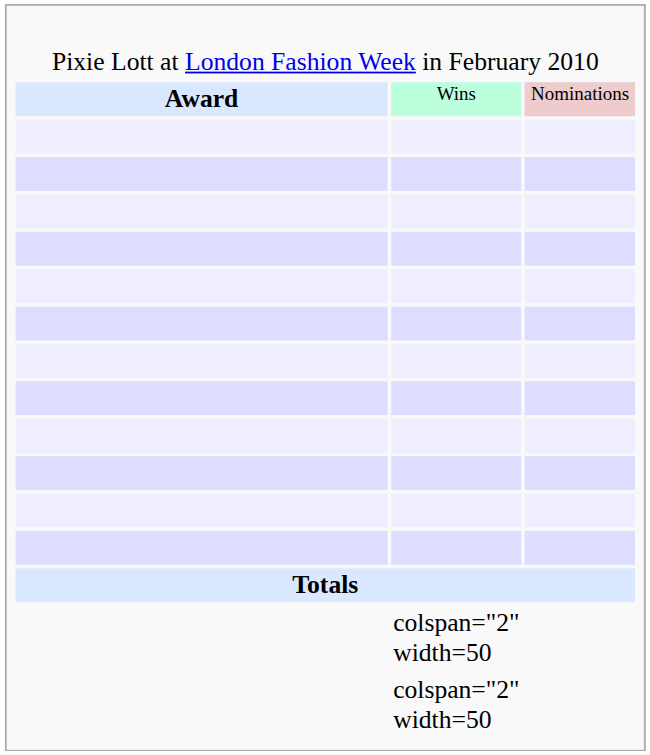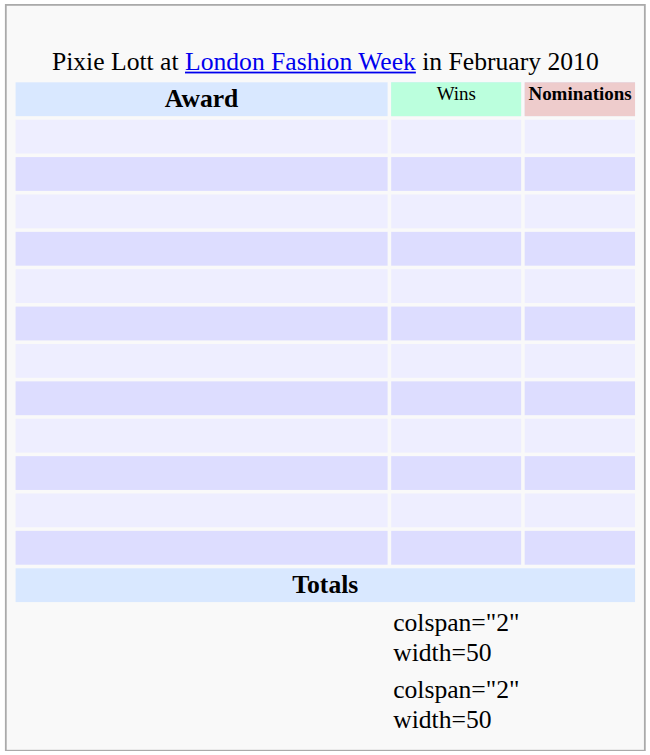 <table class="infobox" style="width: 25em; text-align: left; font-size: 90%; vertical-align: middle;">
 <tr>
 <td colspan="3" style="text-align:center;"><br>Pixie Lott at <a href='#'>London Fashion Week</a> in February 2010</td>
 </tr>
 <tr bgcolor=#D9E8FF style="text-align:center;">
 <th style="vertical-align: middle;">Award</th>
 <td style="background:#BFD; font-size:8pt;" width="60px">Wins</td>
-<td style="background:#eecccc; font-size:8pt;" width="60px">Nominations</td>
+<td style="background:#eecccc; font-size:8pt;" width="60px"><strong>Nominations</strong></td>
 </tr>
 <tr bgcolor=#eeeeff>
 <td align="center"><br></td>
 <td></td>
 <td></td>
 </tr>
 <tr bgcolor=#ddddff>
 <td align="center"><br></td>
 <td></td>
 <td></td>
 </tr>
 <tr bgcolor=#eeeeff>
 <td align="center"><br></td>
 <td></td>
 <td></td>
 </tr>
 <tr bgcolor=#ddddff>
 <td align="center"><br></td>
 <td></td>
 <td></td>
 </tr>
 <tr bgcolor=#eeeeff>
 <td align="center"><br></td>
 <td></td>
 <td></td>
 </tr>
 <tr bgcolor=#ddddff>
 <td align="center"><br></td>
 <td></td>
 <td></td>
 </tr>
 <tr bgcolor=#eeeeff>
 <td align="center"><br></td>
 <td></td>
 <td></td>
 </tr>
 <tr bgcolor=#ddddff>
 <td align="center"><br></td>
 <td></td>
 <td></td>
 </tr>
 <tr bgcolor=#eeeeff>
 <td align="center"><br></td>
 <td></td>
 <td></td>
 </tr>
 <tr bgcolor=#ddddff>
 <td align="center"><br></td>
 <td></td>
 <td></td>
 </tr>
 <tr bgcolor=#eeeeff>
 <td align="center"><br></td>
 <td></td>
 <td></td>
 </tr>
 <tr bgcolor=#ddddff>
 <td align="center"><br></td>
 <td></td>
 <td></td>
 </tr>
 <tr bgcolor=#D9E8FF>
 <td colspan="3" style="text-align:center;"><strong>Totals</strong></td>
 </tr>
 <tr>
 <td></td>
 <td>colspan="2" width=50 </td>
 </tr>
 <tr>
 <td></td>
 <td>colspan="2" width=50 </td>
 </tr>
 <tr>
 </tr>
 </table>
